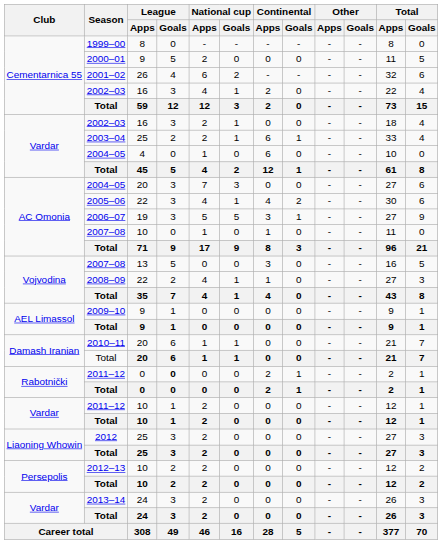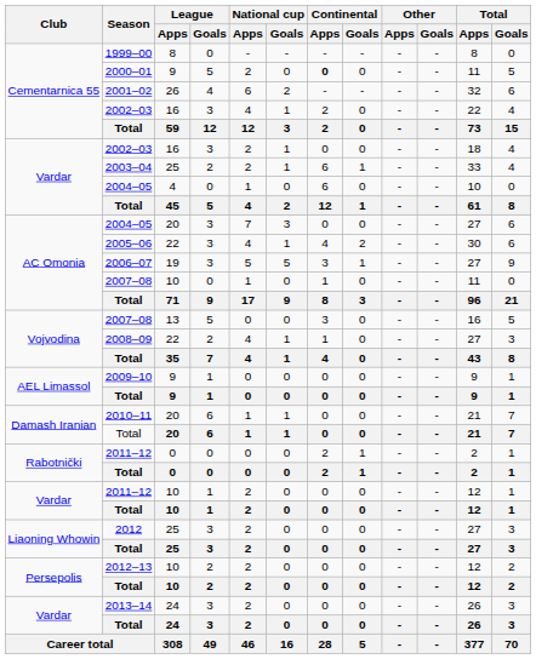 <table class="wikitable" style="text-align:center">
 <tr>
 <th rowspan="2">Club</th>
 <th rowspan="2">Season</th>
 <th colspan="2">League</th>
 <th colspan="2">National cup</th>
 <th colspan="2">Continental</th>
 <th colspan="2">Other</th>
 <th colspan="2">Total</th>
 </tr>
 <tr>
 <th>Apps</th>
 <th>Goals</th>
 <th>Apps</th>
 <th>Goals</th>
 <th>Apps</th>
 <th>Goals</th>
 <th>Apps</th>
 <th>Goals</th>
 <th>Apps</th>
 <th>Goals</th>
 </tr>
 <tr>
 <td rowspan="5"><a href='#'>Cementarnica 55</a></td>
 <td><a href='#'>1999–00</a></td>
 <td>8</td>
 <td>0</td>
 <td>-</td>
 <td>-</td>
 <td>-</td>
 <td>-</td>
 <td>-</td>
 <td>-</td>
 <td>8</td>
 <td>0</td>
 </tr>
 <tr>
 <td><a href='#'>2000–01</a></td>
 <td>9</td>
 <td>5</td>
 <td>2</td>
 <td>0</td>
-<td>0</td>
+<td><strong>0</strong></td>
 <td>0</td>
 <td>-</td>
 <td>-</td>
 <td>11</td>
 <td>5</td>
 </tr>
 <tr>
 <td><a href='#'>2001–02</a></td>
 <td>26</td>
 <td>4</td>
 <td>6</td>
 <td>2</td>
 <td>-</td>
 <td>-</td>
 <td>-</td>
 <td>-</td>
 <td>32</td>
 <td>6</td>
 </tr>
 <tr>
 <td><a href='#'>2002–03</a></td>
 <td>16</td>
 <td>3</td>
 <td>4</td>
 <td>1</td>
 <td>2</td>
 <td>0</td>
 <td>-</td>
 <td>-</td>
 <td>22</td>
 <td>4</td>
 </tr>
 <tr>
 <th>Total</th>
 <th>59</th>
 <th>12</th>
 <th>12</th>
 <th>3</th>
 <th>2</th>
 <th>0</th>
 <th>-</th>
 <th>-</th>
 <th>73</th>
 <th>15</th>
 </tr>
 <tr>
 <td rowspan="4"><a href='#'>Vardar</a></td>
 <td><a href='#'>2002–03</a></td>
 <td>16</td>
 <td>3</td>
 <td>2</td>
 <td>1</td>
 <td>0</td>
 <td>0</td>
 <td>-</td>
 <td>-</td>
 <td>18</td>
 <td>4</td>
 </tr>
 <tr>
 <td><a href='#'>2003–04</a></td>
 <td>25</td>
 <td>2</td>
 <td>2</td>
 <td>1</td>
 <td>6</td>
 <td>1</td>
 <td>-</td>
 <td>-</td>
 <td>33</td>
 <td>4</td>
 </tr>
 <tr>
 <td><a href='#'>2004–05</a></td>
 <td>4</td>
 <td>0</td>
 <td>1</td>
 <td>0</td>
 <td>6</td>
 <td>0</td>
 <td>-</td>
 <td>-</td>
 <td>10</td>
 <td>0</td>
 </tr>
 <tr>
 <th>Total</th>
 <th>45</th>
 <th>5</th>
 <th>4</th>
 <th>2</th>
 <th>12</th>
 <th>1</th>
 <th>-</th>
 <th>-</th>
 <th>61</th>
 <th>8</th>
 </tr>
 <tr>
 <td rowspan="5"><a href='#'>AC Omonia</a></td>
 <td><a href='#'>2004–05</a></td>
 <td>20</td>
 <td>3</td>
 <td>7</td>
 <td>3</td>
 <td>0</td>
 <td>0</td>
 <td>-</td>
 <td>-</td>
 <td>27</td>
 <td>6</td>
 </tr>
 <tr>
 <td><a href='#'>2005–06</a></td>
 <td>22</td>
 <td>3</td>
 <td>4</td>
 <td>1</td>
 <td>4</td>
 <td>2</td>
 <td>-</td>
 <td>-</td>
 <td>30</td>
 <td>6</td>
 </tr>
 <tr>
 <td><a href='#'>2006–07</a></td>
 <td>19</td>
 <td>3</td>
 <td>5</td>
 <td>5</td>
 <td>3</td>
 <td>1</td>
 <td>-</td>
 <td>-</td>
 <td>27</td>
 <td>9</td>
 </tr>
 <tr>
 <td><a href='#'>2007–08</a></td>
 <td>10</td>
 <td>0</td>
 <td>1</td>
 <td>0</td>
 <td>1</td>
 <td>0</td>
 <td>-</td>
 <td>-</td>
 <td>11</td>
 <td>0</td>
 </tr>
 <tr>
 <th>Total</th>
 <th>71</th>
 <th>9</th>
 <th>17</th>
 <th>9</th>
 <th>8</th>
 <th>3</th>
 <th>-</th>
 <th>-</th>
 <th>96</th>
 <th>21</th>
 </tr>
 <tr>
 <td rowspan="3"><a href='#'>Vojvodina</a></td>
 <td><a href='#'>2007–08</a></td>
 <td>13</td>
 <td>5</td>
 <td>0</td>
 <td>0</td>
 <td>3</td>
 <td>0</td>
 <td>-</td>
 <td>-</td>
 <td>16</td>
 <td>5</td>
 </tr>
 <tr>
 <td><a href='#'>2008–09</a></td>
 <td>22</td>
 <td>2</td>
 <td>4</td>
 <td>1</td>
 <td>1</td>
 <td>0</td>
 <td>-</td>
 <td>-</td>
 <td>27</td>
 <td>3</td>
 </tr>
 <tr>
 <th>Total</th>
 <th>35</th>
 <th>7</th>
 <th>4</th>
 <th>1</th>
 <th>4</th>
 <th>0</th>
 <th>-</th>
 <th>-</th>
 <th>43</th>
 <th>8</th>
 </tr>
 <tr>
 <td rowspan="2"><a href='#'>AEL Limassol</a></td>
 <td><a href='#'>2009–10</a></td>
 <td>9</td>
 <td>1</td>
 <td>0</td>
 <td>0</td>
 <td>0</td>
 <td>0</td>
 <td>-</td>
 <td>-</td>
 <td>9</td>
 <td>1</td>
 </tr>
 <tr>
 <th>Total</th>
 <th>9</th>
 <th>1</th>
 <th>0</th>
 <th>0</th>
 <th>0</th>
 <th>0</th>
 <th>-</th>
 <th>-</th>
 <th>9</th>
 <th>1</th>
 </tr>
 <tr>
 <td rowspan="2"><a href='#'>Damash Iranian</a></td>
 <td><a href='#'>2010–11</a></td>
 <td>20</td>
 <td>6</td>
 <td>1</td>
 <td>1</td>
 <td>0</td>
 <td>0</td>
 <td>-</td>
 <td>-</td>
 <td>21</td>
 <td>7</td>
 </tr>
 <tr>
 <td>Total</td>
 <th>20</th>
 <th>6</th>
 <th>1</th>
 <th>1</th>
 <th>0</th>
 <th>0</th>
 <th>-</th>
 <th>-</th>
 <th>21</th>
 <th>7</th>
 </tr>
 <tr>
 <td rowspan="2"><a href='#'>Rabotnički</a></td>
 <td><a href='#'>2011–12</a></td>
 <td>0</td>
-<td><strong>0</strong></td>
+<td>0</td>
 <td>0</td>
 <td>0</td>
 <td>2</td>
 <td>1</td>
 <td>-</td>
 <td>-</td>
 <td>2</td>
 <td>1</td>
 </tr>
 <tr>
 <th>Total</th>
 <th>0</th>
 <th>0</th>
 <th>0</th>
 <th>0</th>
 <th>2</th>
 <th>1</th>
 <th>-</th>
 <th>-</th>
 <th>2</th>
 <th>1</th>
 </tr>
 <tr>
 <td rowspan="2"><a href='#'>Vardar</a></td>
 <td><a href='#'>2011–12</a></td>
 <td>10</td>
 <td>1</td>
 <td>2</td>
 <td>0</td>
 <td>0</td>
 <td>0</td>
 <td>-</td>
 <td>-</td>
 <td>12</td>
 <td>1</td>
 </tr>
 <tr>
 <th>Total</th>
 <th>10</th>
 <th>1</th>
 <th>2</th>
 <th>0</th>
 <th>0</th>
 <th>0</th>
 <th>-</th>
 <th>-</th>
 <th>12</th>
 <th>1</th>
 </tr>
 <tr>
 <td rowspan="2"><a href='#'>Liaoning Whowin</a></td>
 <td><a href='#'>2012</a></td>
 <td>25</td>
 <td>3</td>
 <td>2</td>
 <td>0</td>
 <td>0</td>
 <td>0</td>
 <td>-</td>
 <td>-</td>
 <td>27</td>
 <td>3</td>
 </tr>
 <tr>
 <th>Total</th>
 <th>25</th>
 <th>3</th>
 <th>2</th>
 <th>0</th>
 <th>0</th>
 <th>0</th>
 <th>-</th>
 <th>-</th>
 <th>27</th>
 <th>3</th>
 </tr>
 <tr>
 <td rowspan="2"><a href='#'>Persepolis</a></td>
 <td><a href='#'>2012–13</a></td>
 <td>10</td>
 <td>2</td>
 <td>2</td>
 <td>0</td>
 <td>0</td>
 <td>0</td>
 <td>-</td>
 <td>-</td>
 <td>12</td>
 <td>2</td>
 </tr>
 <tr>
 <th>Total</th>
 <th>10</th>
 <th>2</th>
 <th>2</th>
 <th>0</th>
 <th>0</th>
 <th>0</th>
 <th>-</th>
 <th>-</th>
 <th>12</th>
 <th>2</th>
 </tr>
 <tr>
 <td rowspan="2"><a href='#'>Vardar</a></td>
 <td><a href='#'>2013–14</a></td>
 <td>24</td>
 <td>3</td>
 <td>2</td>
 <td>0</td>
 <td>0</td>
 <td>0</td>
 <td>-</td>
 <td>-</td>
 <td>26</td>
 <td>3</td>
 </tr>
 <tr>
 <th>Total</th>
 <th>24</th>
 <th>3</th>
 <th>2</th>
 <th>0</th>
 <th>0</th>
 <th>0</th>
 <th>-</th>
 <th>-</th>
 <th>26</th>
 <th>3</th>
 </tr>
 <tr>
 <th colspan="2">Career total</th>
 <th>308</th>
 <th>49</th>
 <th>46</th>
 <th>16</th>
 <th>28</th>
 <th>5</th>
 <th>-</th>
 <th>-</th>
 <th>377</th>
 <th>70</th>
 </tr>
 </table>
